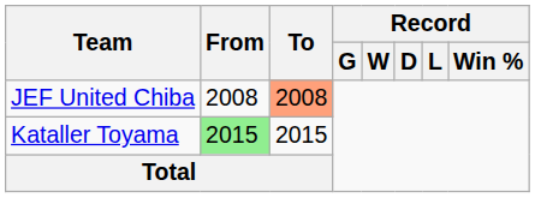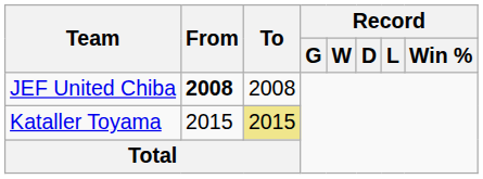 <table class="wikitable" style="text-align: center">
 <tr>
 <th rowspan="2">Team</th>
 <th rowspan="2">From</th>
 <th rowspan="2">To</th>
 <th colspan="5">Record</th>
 </tr>
 <tr>
 <th>G</th>
 <th>W</th>
 <th>D</th>
 <th>L</th>
 <th>Win %</th>
 </tr>
 <tr>
 <td align="left"><a href='#'>JEF United Chiba</a></td>
-<td align="left">2008</td>
-<td align="left" style="background: lightsalmon;">2008<br></td>
+<td align="left"><strong>2008</strong></td>
+<td align="left">2008<br></td>
 </tr>
 <tr>
 <td align="left"><a href='#'>Kataller Toyama</a></td>
-<td align="left" style="background: lightgreen;">2015</td>
-<td align="left">2015<br></td>
+<td align="left">2015</td>
+<td align="left" style="background: khaki;">2015<br></td>
 </tr>
 <tr>
 <th colspan="3">Total<br></th>
 </tr>
 </table>
